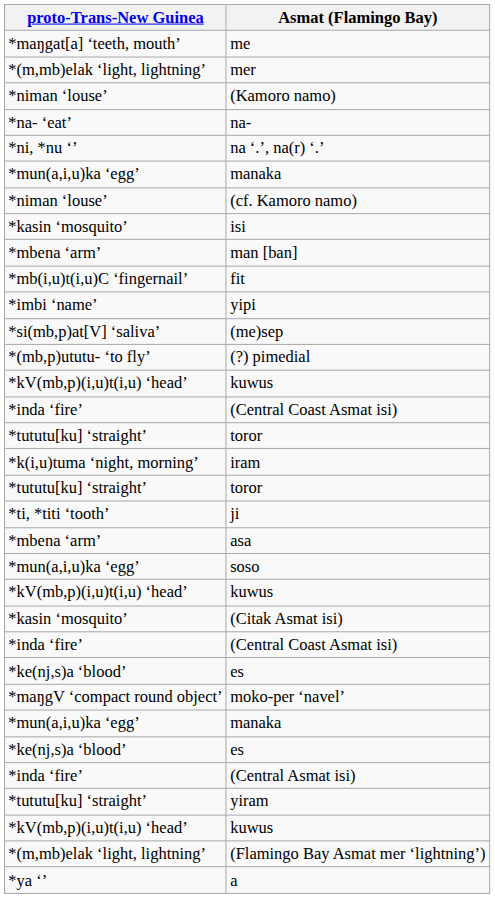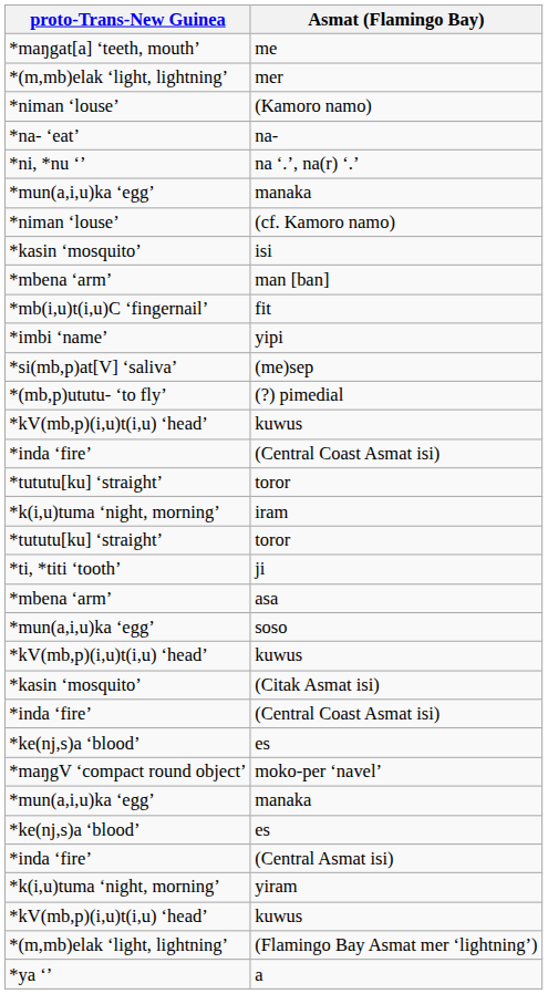 <table class="wikitable sortable">
 <tr>
 <th><a href='#'>proto-Trans-New Guinea</a></th>
 <th>Asmat (Flamingo Bay)</th>
 </tr>
 <tr>
 <td>*maŋgat[a] ‘teeth, mouth’</td>
 <td>me</td>
 </tr>
 <tr>
 <td>*(m,mb)elak ‘light, lightning’</td>
 <td>mer</td>
 </tr>
 <tr>
 <td>*niman ‘louse’</td>
 <td>(Kamoro namo)</td>
 </tr>
 <tr>
 <td>*na- ‘eat’</td>
 <td>na-</td>
 </tr>
 <tr>
 <td>*ni, *nu ‘’</td>
 <td>na ‘.’, na(r) ‘.’</td>
 </tr>
 <tr>
 <td>*mun(a,i,u)ka ‘egg’</td>
 <td>manaka</td>
 </tr>
 <tr>
 <td>*niman ‘louse’</td>
 <td>(cf. Kamoro namo)</td>
 </tr>
 <tr>
 <td>*kasin ‘mosquito’</td>
 <td>isi</td>
 </tr>
 <tr>
 <td>*mbena ‘arm’</td>
 <td>man [ban]</td>
 </tr>
 <tr>
 <td>*mb(i,u)t(i,u)C ‘fingernail’</td>
 <td>fit</td>
 </tr>
 <tr>
 <td>*imbi ‘name’</td>
 <td>yipi</td>
 </tr>
 <tr>
 <td>*si(mb,p)at[V] ‘saliva’</td>
 <td>(me)sep</td>
 </tr>
 <tr>
 <td>*(mb,p)ututu- ‘to fly’</td>
 <td>(?) pimedial</td>
 </tr>
 <tr>
 <td>*kV(mb,p)(i,u)t(i,u) ‘head’</td>
 <td>kuwus</td>
 </tr>
 <tr>
 <td>*inda ‘fire’</td>
 <td>(Central Coast Asmat isi)</td>
 </tr>
 <tr>
 <td>*tututu[ku] ‘straight’</td>
 <td>toror</td>
 </tr>
 <tr>
 <td>*k(i,u)tuma ‘night, morning’</td>
 <td>iram</td>
 </tr>
 <tr>
 <td>*tututu[ku] ‘straight’</td>
 <td>toror</td>
 </tr>
 <tr>
 <td>*ti, *titi ‘tooth’</td>
 <td>ji</td>
 </tr>
 <tr>
 <td>*mbena ‘arm’</td>
 <td>asa</td>
 </tr>
 <tr>
 <td>*mun(a,i,u)ka ‘egg’</td>
 <td>soso</td>
 </tr>
 <tr>
 <td>*kV(mb,p)(i,u)t(i,u) ‘head’</td>
 <td>kuwus</td>
 </tr>
 <tr>
 <td>*kasin ‘mosquito’</td>
 <td>(Citak Asmat isi)</td>
 </tr>
 <tr>
 <td>*inda ‘fire’</td>
 <td>(Central Coast Asmat isi)</td>
 </tr>
 <tr>
 <td>*ke(nj,s)a ‘blood’</td>
 <td>es</td>
 </tr>
 <tr>
 <td>*maŋgV ‘compact round object’</td>
 <td>moko-per ‘navel’</td>
 </tr>
 <tr>
 <td>*mun(a,i,u)ka ‘egg’</td>
 <td>manaka</td>
 </tr>
 <tr>
 <td>*ke(nj,s)a ‘blood’</td>
 <td>es</td>
 </tr>
 <tr>
 <td>*inda ‘fire’</td>
 <td>(Central Asmat isi)</td>
 </tr>
 <tr>
-<td>*tututu[ku] ‘straight’</td>
+<td>*k(i,u)tuma ‘night, morning’</td>
 <td>yiram</td>
 </tr>
 <tr>
 <td>*kV(mb,p)(i,u)t(i,u) ‘head’</td>
 <td>kuwus</td>
 </tr>
 <tr>
 <td>*(m,mb)elak ‘light, lightning’</td>
 <td>(Flamingo Bay Asmat mer ‘lightning’)</td>
 </tr>
 <tr>
 <td>*ya ‘’</td>
 <td>a</td>
 </tr>
 </table>
